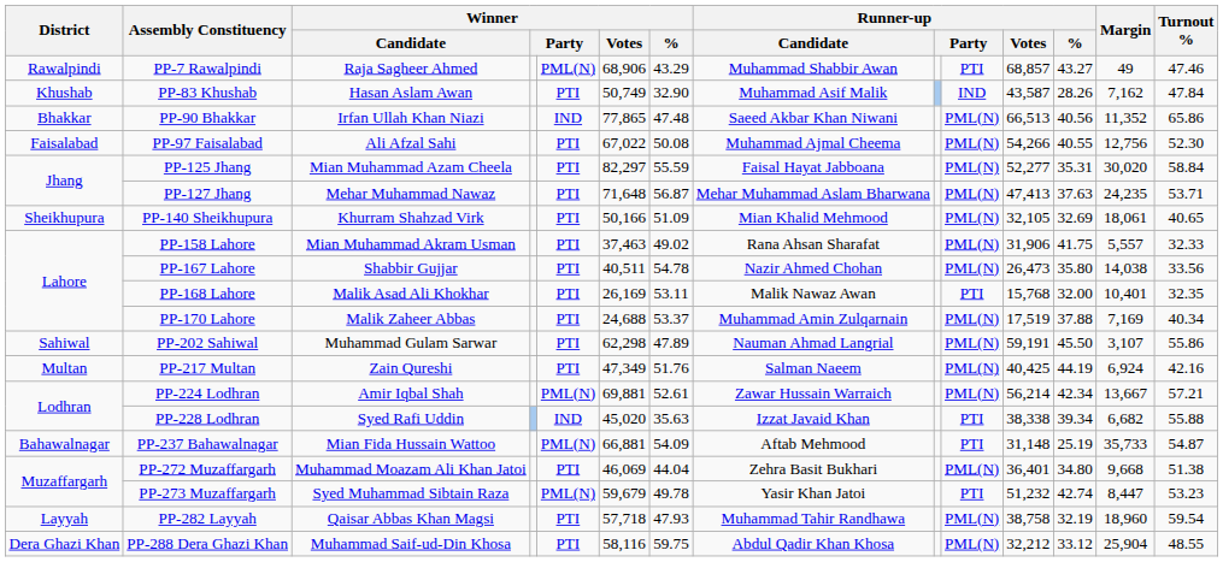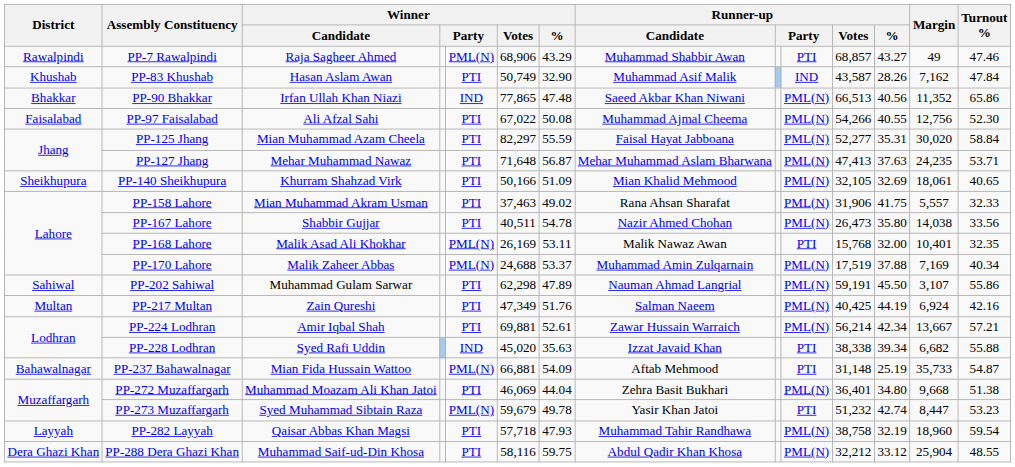 <table class="wikitable sortable static-row-numbers" style="text-align:center">
 <tr>
 <th rowspan="2">District</th>
 <th rowspan="2">Assembly Constituency</th>
 <th colspan="5">Winner</th>
 <th colspan="5">Runner-up</th>
 <th rowspan="2">Margin</th>
 <th rowspan="2">Turnout<br>%</th>
 </tr>
 <tr>
 <th>Candidate</th>
 <th colspan="2">Party</th>
 <th>Votes</th>
 <th>%</th>
 <th>Candidate</th>
 <th colspan="2">Party</th>
 <th>Votes</th>
 <th>%</th>
 </tr>
 <tr>
 <td><a href='#'>Rawalpindi</a></td>
 <td><a href='#'>PP-7 Rawalpindi</a></td>
 <td><a href='#'>Raja Sagheer Ahmed</a></td>
 <td></td>
 <td><a href='#'>PML(N)</a></td>
 <td>68,906</td>
 <td>43.29</td>
 <td><a href='#'>Muhammad Shabbir Awan</a></td>
 <td></td>
 <td><a href='#'>PTI</a></td>
 <td>68,857</td>
 <td>43.27</td>
 <td>49</td>
 <td>47.46</td>
 </tr>
 <tr>
 <td><a href='#'>Khushab</a></td>
 <td><a href='#'>PP-83 Khushab</a></td>
 <td><a href='#'>Hasan Aslam Awan</a></td>
 <td></td>
 <td><a href='#'>PTI</a></td>
 <td>50,749</td>
 <td>32.90</td>
 <td><a href='#'>Muhammad Asif Malik</a></td>
 <td bgcolor="#a6caf0"></td>
 <td><a href='#'>IND</a></td>
 <td>43,587</td>
 <td>28.26</td>
 <td>7,162</td>
 <td>47.84</td>
 </tr>
 <tr>
 <td><a href='#'>Bhakkar</a></td>
 <td><a href='#'>PP-90 Bhakkar</a></td>
 <td><a href='#'>Irfan Ullah Khan Niazi</a></td>
 <td></td>
 <td><a href='#'>IND</a></td>
 <td>77,865</td>
 <td>47.48</td>
 <td><a href='#'>Saeed Akbar Khan Niwani</a></td>
 <td></td>
 <td><a href='#'>PML(N)</a></td>
 <td>66,513</td>
 <td>40.56</td>
 <td>11,352</td>
 <td>65.86</td>
 </tr>
 <tr>
 <td><a href='#'>Faisalabad</a></td>
 <td><a href='#'>PP-97 Faisalabad</a></td>
 <td><a href='#'>Ali Afzal Sahi</a></td>
 <td></td>
 <td><a href='#'>PTI</a></td>
 <td>67,022</td>
 <td>50.08</td>
 <td><a href='#'>Muhammad Ajmal Cheema</a></td>
 <td></td>
 <td><a href='#'>PML(N)</a></td>
 <td>54,266</td>
 <td>40.55</td>
 <td>12,756</td>
 <td>52.30</td>
 </tr>
 <tr>
 <td rowspan="2"><a href='#'>Jhang</a></td>
 <td><a href='#'>PP-125 Jhang</a></td>
 <td><a href='#'>Mian Muhammad Azam Cheela</a></td>
 <td></td>
 <td><a href='#'>PTI</a></td>
 <td>82,297</td>
 <td>55.59</td>
 <td><a href='#'>Faisal Hayat Jabboana</a></td>
 <td></td>
 <td><a href='#'>PML(N)</a></td>
 <td>52,277</td>
 <td>35.31</td>
 <td>30,020</td>
 <td>58.84</td>
 </tr>
 <tr>
 <td><a href='#'>PP-127 Jhang</a></td>
 <td><a href='#'>Mehar Muhammad Nawaz</a></td>
 <td></td>
 <td><a href='#'>PTI</a></td>
 <td>71,648</td>
 <td>56.87</td>
 <td><a href='#'>Mehar Muhammad Aslam Bharwana</a></td>
 <td></td>
 <td><a href='#'>PML(N)</a></td>
 <td>47,413</td>
 <td>37.63</td>
 <td>24,235</td>
 <td>53.71</td>
 </tr>
 <tr>
 <td><a href='#'>Sheikhupura</a></td>
 <td><a href='#'>PP-140 Sheikhupura</a></td>
 <td><a href='#'>Khurram Shahzad Virk</a></td>
 <td></td>
 <td><a href='#'>PTI</a></td>
 <td>50,166</td>
 <td>51.09</td>
 <td><a href='#'>Mian Khalid Mehmood</a></td>
 <td></td>
 <td><a href='#'>PML(N)</a></td>
 <td>32,105</td>
 <td>32.69</td>
 <td>18,061</td>
 <td>40.65</td>
 </tr>
 <tr>
 <td rowspan="4"><a href='#'>Lahore</a></td>
 <td><a href='#'>PP-158 Lahore</a></td>
 <td><a href='#'>Mian Muhammad Akram Usman</a></td>
 <td></td>
 <td><a href='#'>PTI</a></td>
 <td>37,463</td>
 <td>49.02</td>
 <td>Rana Ahsan Sharafat</td>
 <td></td>
 <td><a href='#'>PML(N)</a></td>
 <td>31,906</td>
 <td>41.75</td>
 <td>5,557</td>
 <td>32.33</td>
 </tr>
 <tr>
 <td><a href='#'>PP-167 Lahore</a></td>
 <td><a href='#'>Shabbir Gujjar</a></td>
 <td></td>
 <td><a href='#'>PTI</a></td>
 <td>40,511</td>
 <td>54.78</td>
 <td><a href='#'>Nazir Ahmed Chohan</a></td>
 <td></td>
 <td><a href='#'>PML(N)</a></td>
 <td>26,473</td>
 <td>35.80</td>
 <td>14,038</td>
 <td>33.56</td>
 </tr>
 <tr>
 <td><a href='#'>PP-168 Lahore</a></td>
 <td><a href='#'>Malik Asad Ali Khokhar</a></td>
 <td></td>
-<td><a href='#'>PTI</a></td>
+<td><a href='#'>PML(N)</a></td>
 <td>26,169</td>
 <td>53.11</td>
 <td>Malik Nawaz Awan</td>
 <td></td>
 <td><a href='#'>PTI</a></td>
 <td>15,768</td>
 <td>32.00</td>
 <td>10,401</td>
 <td>32.35</td>
 </tr>
 <tr>
 <td><a href='#'>PP-170 Lahore</a></td>
 <td><a href='#'>Malik Zaheer Abbas</a></td>
 <td></td>
-<td><a href='#'>PTI</a></td>
+<td><a href='#'>PML(N)</a></td>
 <td>24,688</td>
 <td>53.37</td>
 <td><a href='#'>Muhammad Amin Zulqarnain</a></td>
 <td></td>
 <td><a href='#'>PML(N)</a></td>
 <td>17,519</td>
 <td>37.88</td>
 <td>7,169</td>
 <td>40.34</td>
 </tr>
 <tr>
 <td><a href='#'>Sahiwal</a></td>
 <td><a href='#'>PP-202 Sahiwal</a></td>
 <td>Muhammad Gulam Sarwar</td>
 <td></td>
 <td><a href='#'>PTI</a></td>
 <td>62,298</td>
 <td>47.89</td>
 <td><a href='#'>Nauman Ahmad Langrial</a></td>
 <td></td>
 <td><a href='#'>PML(N)</a></td>
 <td>59,191</td>
 <td>45.50</td>
 <td>3,107</td>
 <td>55.86</td>
 </tr>
 <tr>
 <td><a href='#'>Multan</a></td>
 <td><a href='#'>PP-217 Multan</a></td>
 <td><a href='#'>Zain Qureshi</a></td>
 <td></td>
 <td><a href='#'>PTI</a></td>
 <td>47,349</td>
 <td>51.76</td>
 <td><a href='#'>Salman Naeem</a></td>
 <td></td>
 <td><a href='#'>PML(N)</a></td>
 <td>40,425</td>
 <td>44.19</td>
 <td>6,924</td>
 <td>42.16</td>
 </tr>
 <tr>
 <td rowspan="2"><a href='#'>Lodhran</a></td>
 <td><a href='#'>PP-224 Lodhran</a></td>
 <td><a href='#'>Amir Iqbal Shah</a></td>
 <td></td>
-<td><a href='#'>PML(N)</a></td>
+<td><a href='#'>PTI</a></td>
 <td>69,881</td>
 <td>52.61</td>
 <td><a href='#'>Zawar Hussain Warraich</a></td>
 <td></td>
 <td><a href='#'>PML(N)</a></td>
 <td>56,214</td>
 <td>42.34</td>
 <td>13,667</td>
 <td>57.21</td>
 </tr>
 <tr>
 <td><a href='#'>PP-228 Lodhran</a></td>
 <td><a href='#'>Syed Rafi Uddin</a></td>
 <td bgcolor="#a6caf0"></td>
 <td><a href='#'>IND</a></td>
 <td>45,020</td>
 <td>35.63</td>
 <td><a href='#'>Izzat Javaid Khan</a></td>
 <td></td>
 <td><a href='#'>PTI</a></td>
 <td>38,338</td>
 <td>39.34</td>
 <td>6,682</td>
 <td>55.88</td>
 </tr>
 <tr>
 <td><a href='#'>Bahawalnagar</a></td>
 <td><a href='#'>PP-237 Bahawalnagar</a></td>
 <td><a href='#'>Mian Fida Hussain Wattoo</a></td>
 <td></td>
 <td><a href='#'>PML(N)</a></td>
 <td>66,881</td>
 <td>54.09</td>
 <td>Aftab Mehmood</td>
 <td></td>
 <td><a href='#'>PTI</a></td>
 <td>31,148</td>
 <td>25.19</td>
 <td>35,733</td>
 <td>54.87</td>
 </tr>
 <tr>
 <td rowspan="2"><a href='#'>Muzaffargarh</a></td>
 <td><a href='#'>PP-272 Muzaffargarh</a></td>
 <td><a href='#'>Muhammad Moazam Ali Khan Jatoi</a></td>
 <td></td>
 <td><a href='#'>PTI</a></td>
 <td>46,069</td>
 <td>44.04</td>
 <td>Zehra Basit Bukhari</td>
 <td></td>
 <td><a href='#'>PML(N)</a></td>
 <td>36,401</td>
 <td>34.80</td>
 <td>9,668</td>
 <td>51.38</td>
 </tr>
 <tr>
 <td><a href='#'>PP-273 Muzaffargarh</a></td>
 <td><a href='#'>Syed Muhammad Sibtain Raza</a></td>
 <td></td>
 <td><a href='#'>PML(N)</a></td>
 <td>59,679</td>
 <td>49.78</td>
 <td>Yasir Khan Jatoi</td>
 <td></td>
 <td><a href='#'>PTI</a></td>
 <td>51,232</td>
 <td>42.74</td>
 <td>8,447</td>
 <td>53.23</td>
 </tr>
 <tr>
 <td><a href='#'>Layyah</a></td>
 <td><a href='#'>PP-282 Layyah</a></td>
 <td><a href='#'>Qaisar Abbas Khan Magsi</a></td>
 <td></td>
 <td><a href='#'>PTI</a></td>
 <td>57,718</td>
 <td>47.93</td>
 <td><a href='#'>Muhammad Tahir Randhawa</a></td>
 <td></td>
 <td><a href='#'>PML(N)</a></td>
 <td>38,758</td>
 <td>32.19</td>
 <td>18,960</td>
 <td>59.54</td>
 </tr>
 <tr>
 <td><a href='#'>Dera Ghazi Khan</a></td>
 <td><a href='#'>PP-288 Dera Ghazi Khan</a></td>
 <td><a href='#'>Muhammad Saif-ud-Din Khosa</a></td>
 <td></td>
 <td><a href='#'>PTI</a></td>
 <td>58,116</td>
 <td>59.75</td>
 <td><a href='#'>Abdul Qadir Khan Khosa</a></td>
 <td></td>
 <td><a href='#'>PML(N)</a></td>
 <td>32,212</td>
 <td>33.12</td>
 <td>25,904</td>
 <td>48.55</td>
 </tr>
 </table>
